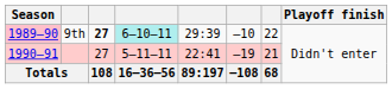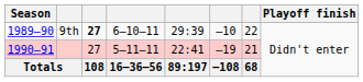 <table class="wikitable">
 <tr>
 <th>Season</th>
 <th></th>
 <th></th>
 <th></th>
 <th></th>
 <th></th>
 <th></th>
 <th>Playoff finish</th>
 </tr>
 <tr align=center>
-<td style="background: pink;"><a href='#'>1989–90</a></td>
+<td><a href='#'>1989–90</a></td>
 <td>9th</td>
 <td><strong>27</strong></td>
-<td style="background: paleturquoise;">6–10–11</td>
+<td>6–10–11</td>
 <td>29:39</td>
 <td>–10</td>
 <td>22</td>
 <td rowspan=4>Didn't enter</td>
 </tr>
 <tr align=center bgcolor=FFCCCC>
 <td><a href='#'>1990–91</a></td>
 <td></td>
 <td>27</td>
 <td>5–11–11</td>
 <td>22:41</td>
 <td>–19</td>
 <td>21</td>
 </tr>
 <tr>
 <th colspan=2>Totals</th>
 <th>108</th>
 <th>16–36–56</th>
 <th>89:197</th>
 <th>–108</th>
 <th>68</th>
 </tr>
 </table>
